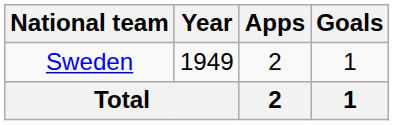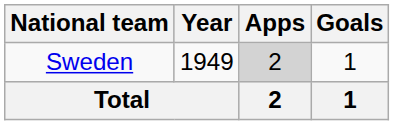 <table class="wikitable" style="text-align:center">
 <tr>
 <th>National team</th>
 <th>Year</th>
 <th>Apps</th>
 <th>Goals</th>
 </tr>
 <tr>
 <td><a href='#'>Sweden</a></td>
 <td>1949</td>
-<td>2</td>
+<td style="background: lightgrey;">2</td>
 <td>1</td>
 </tr>
 <tr>
 <th colspan="2">Total</th>
 <th>2</th>
 <th>1</th>
 </tr>
 </table>
